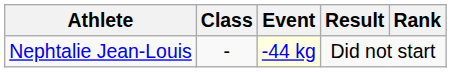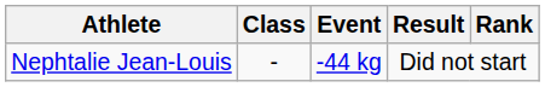 <table class="wikitable" style="font-size:90%">
 <tr>
 <th>Athlete</th>
 <th>Class</th>
 <th>Event</th>
 <th>Result</th>
 <th>Rank</th>
 </tr>
 <tr>
 <td><a href='#'>Nephtalie Jean-Louis</a></td>
 <td align=center>-</td>
-<td style="background: lightyellow;"><a href='#'>-44 kg</a></td>
+<td><a href='#'>-44 kg</a></td>
 <td align="center" colspan="2">Did not start</td>
 </tr>
 </table>
